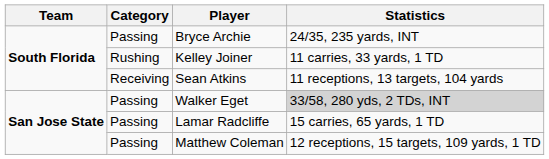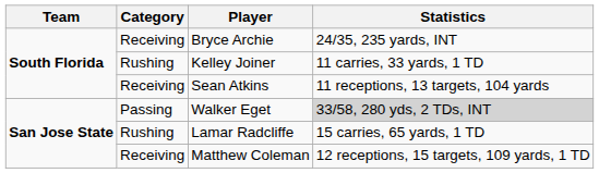 <table class="wikitable" style="float: right;">
 <tr>
 <th>Team</th>
 <th>Category</th>
 <th>Player</th>
 <th>Statistics</th>
 </tr>
 <tr>
 <td rowspan=3><strong>South Florida</strong></td>
-<td>Passing</td>
+<td>Receiving</td>
 <td>Bryce Archie</td>
 <td>24/35, 235 yards, INT</td>
 </tr>
 <tr>
 <td>Rushing</td>
 <td>Kelley Joiner</td>
 <td>11 carries, 33 yards, 1 TD</td>
 </tr>
 <tr>
 <td>Receiving</td>
 <td>Sean Atkins</td>
 <td>11 receptions, 13 targets, 104 yards</td>
 </tr>
 <tr>
 <td rowspan=3><strong>San Jose State</strong></td>
 <td>Passing</td>
 <td>Walker Eget</td>
 <td style="background: lightgrey;">33/58, 280 yds, 2 TDs, INT</td>
 </tr>
 <tr>
-<td>Passing</td>
+<td>Rushing</td>
 <td>Lamar Radcliffe</td>
 <td>15 carries, 65 yards, 1 TD</td>
 </tr>
 <tr>
-<td>Passing</td>
+<td>Receiving</td>
 <td>Matthew Coleman</td>
 <td>12 receptions, 15 targets, 109 yards, 1 TD</td>
 </tr>
 </table>
